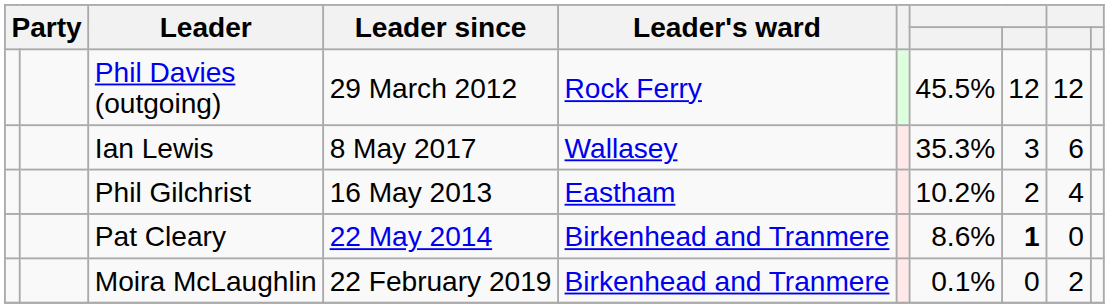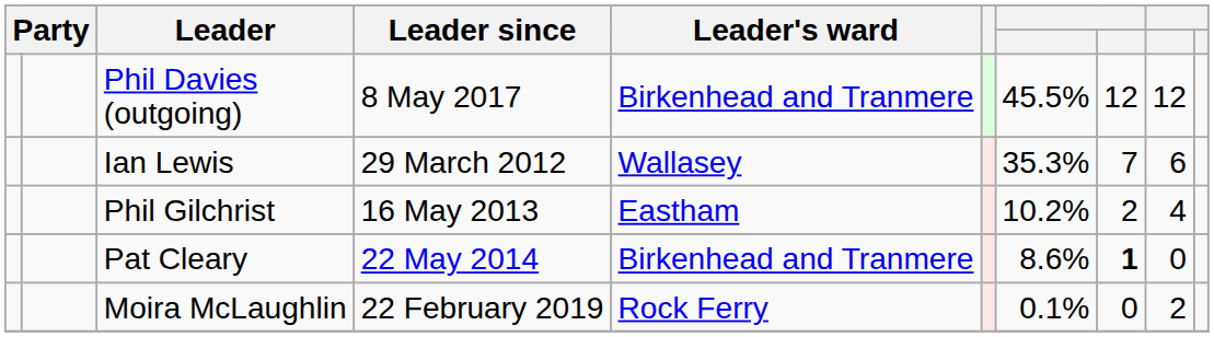 <table class="wikitable" style="font-size:95%;">
 <tr>
 <th rowspan="2" colspan="2">Party</th>
 <th rowspan="2">Leader</th>
 <th rowspan="2">Leader since</th>
 <th rowspan="2">Leader's ward</th>
 <th rowspan="2"></th>
 <th colspan="2"></th>
 <th colspan="2"></th>
 </tr>
 <tr>
 <th></th>
 <th></th>
 <th></th>
 <th></th>
 </tr>
 <tr>
 <td style="color:inherit;background:"></td>
 <td><a href='#'></a></td>
 <td><a href='#'>Phil Davies</a><br>(outgoing)</td>
-<td>29 March 2012</td>
-<td><a href='#'>Rock Ferry</a></td>
+<td>8 May 2017</td>
+<td><a href='#'>Birkenhead and Tranmere</a></td>
 <td style="text-align:center; background:#dfd;"></td>
 <td style="text-align:right;">45.5%</td>
 <td style="text-align:right;">12</td>
 <td style="text-align:right;">12</td>
 <td></td>
 </tr>
 <tr>
 <td width="1" style="color:inherit;background:"></td>
 <td><a href='#'></a></td>
 <td>Ian Lewis</td>
-<td>8 May 2017</td>
+<td>29 March 2012</td>
 <td><a href='#'>Wallasey</a></td>
 <td style="text-align:center; background:#ffe8e8;"></td>
 <td style="text-align:right;">35.3%</td>
-<td style="text-align:right;">3</td>
+<td style="text-align:right;">7</td>
 <td style="text-align:right;">6</td>
 <td></td>
 </tr>
 <tr>
 <td style="color:inherit;background:"></td>
 <td><a href='#'></a></td>
 <td>Phil Gilchrist</td>
 <td>16 May 2013</td>
 <td><a href='#'>Eastham</a></td>
 <td style="text-align:center; background:#ffe8e8;"></td>
 <td style="text-align:right;">10.2%</td>
 <td style="text-align:right;">2</td>
 <td style="text-align:right;">4</td>
 <td></td>
 </tr>
 <tr>
 <td style="color:inherit;background:"></td>
 <td><a href='#'></a></td>
 <td>Pat Cleary</td>
 <td><a href='#'>22 May 2014</a></td>
 <td><a href='#'>Birkenhead and Tranmere</a></td>
 <td style="text-align:center; background:#ffe8e8;"></td>
 <td style="text-align:right;">8.6%</td>
 <td style="text-align:right;"><strong>1</strong></td>
 <td style="text-align:right;">0</td>
 <td></td>
 </tr>
 <tr>
 <td style="color:inherit;background:"></td>
 <td><a href='#'></a></td>
 <td>Moira McLaughlin</td>
 <td>22 February 2019</td>
-<td><a href='#'>Birkenhead and Tranmere</a></td>
+<td><a href='#'>Rock Ferry</a></td>
 <td style="text-align:center; background:#ffe8e8;"></td>
 <td style="text-align:right;">0.1%</td>
 <td style="text-align:right;">0</td>
 <td style="text-align:right;">2</td>
 <td></td>
 </tr>
 <tr>
 </tr>
 </table>
